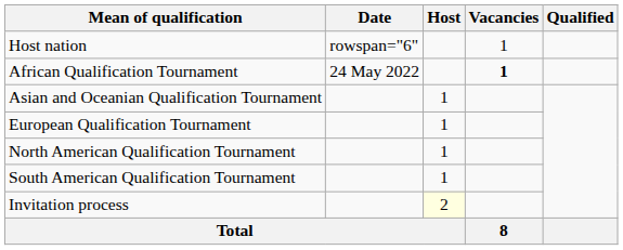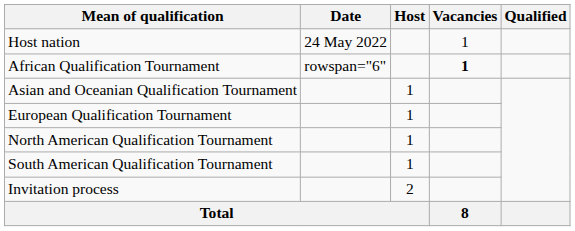 <table class="wikitable">
 <tr>
 <th>Mean of qualification</th>
 <th>Date</th>
 <th>Host</th>
 <th>Vacancies</th>
 <th>Qualified</th>
 </tr>
 <tr>
 <td>Host nation</td>
-<td>rowspan="6" </td>
+<td>24 May 2022</td>
 <td></td>
 <td style="text-align:center;">1</td>
 <td></td>
 </tr>
 <tr>
 <td>African Qualification Tournament</td>
-<td>24 May 2022</td>
+<td>rowspan="6" </td>
 <td></td>
 <td style="text-align:center;"><strong>1</strong></td>
 <td></td>
 </tr>
 <tr>
 <td>Asian and Oceanian Qualification Tournament</td>
 <td></td>
 <td style="text-align:center;">1</td>
 <td></td>
 </tr>
 <tr>
 <td>European Qualification Tournament</td>
 <td></td>
 <td style="text-align:center;">1</td>
 <td></td>
 </tr>
 <tr>
 <td>North American Qualification Tournament</td>
 <td></td>
 <td style="text-align:center;">1</td>
 <td></td>
 </tr>
 <tr>
 <td>South American Qualification Tournament</td>
 <td></td>
 <td style="text-align:center;">1</td>
 <td></td>
 </tr>
 <tr>
 <td>Invitation process</td>
 <td></td>
-<td style="background: lightyellow; text-align:center;">2</td>
+<td style="text-align:center;">2</td>
 <td></td>
 </tr>
 <tr>
 <th colspan="3">Total</th>
 <th>8</th>
 <th></th>
 </tr>
 </table>
